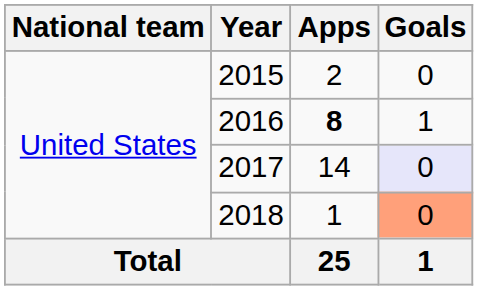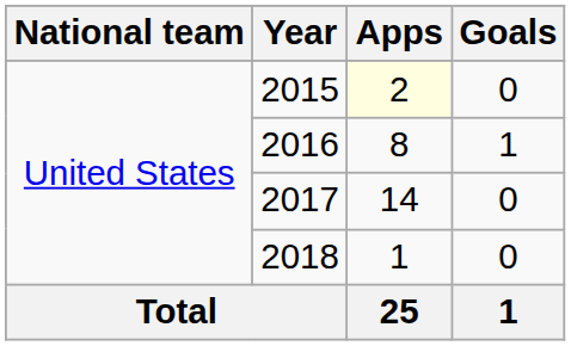 <table class="wikitable" style="text-align: center">
 <tr>
 <th>National team</th>
 <th>Year</th>
 <th>Apps</th>
 <th>Goals</th>
 </tr>
 <tr>
 <td rowspan="4"><a href='#'>United States</a></td>
 <td>2015</td>
-<td>2</td>
+<td style="background: lightyellow;">2</td>
 <td>0</td>
 </tr>
 <tr>
 <td>2016</td>
-<td><strong>8</strong></td>
+<td>8</td>
 <td>1</td>
 </tr>
 <tr>
 <td>2017</td>
 <td>14</td>
-<td style="background: lavender;">0</td>
+<td>0</td>
 </tr>
 <tr>
 <td>2018</td>
 <td>1</td>
-<td style="background: lightsalmon;">0</td>
+<td>0</td>
 </tr>
 <tr>
 <th colspan="2">Total</th>
 <th>25</th>
 <th>1</th>
 </tr>
 </table>
